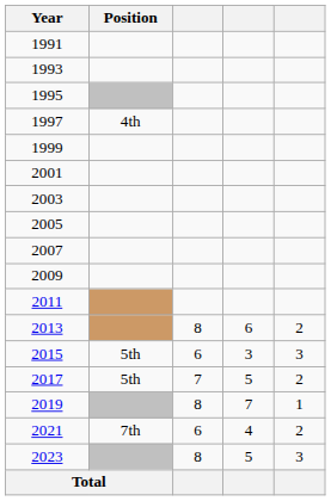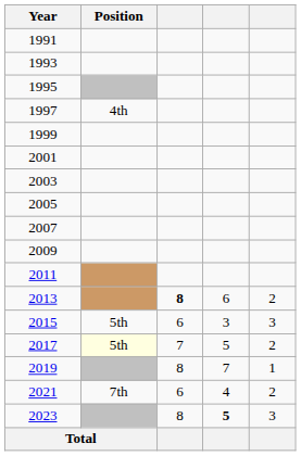 <table class="wikitable" style="text-align: center;font-size:90%;">
 <tr>
 <th width=70>Year</th>
 <th width=70>Position</th>
 <th width=40></th>
 <th width=40></th>
 <th width=40></th>
 </tr>
 <tr>
 <td>  1991</td>
 <td></td>
 <td></td>
 <td></td>
 <td></td>
 </tr>
 <tr>
 <td>  1993</td>
 <td></td>
 <td></td>
 <td></td>
 <td></td>
 </tr>
 <tr>
 <td>  1995</td>
 <td bgcolor=silver></td>
 <td></td>
 <td></td>
 <td></td>
 </tr>
 <tr>
 <td>  1997</td>
 <td>4th</td>
 <td></td>
 <td></td>
 <td></td>
 </tr>
 <tr>
 <td> 1999</td>
 <td></td>
 <td></td>
 <td></td>
 <td></td>
 </tr>
 <tr>
 <td> 2001</td>
 <td></td>
 <td></td>
 <td></td>
 <td></td>
 </tr>
 <tr>
 <td>  2003</td>
 <td></td>
 <td></td>
 <td></td>
 <td></td>
 </tr>
 <tr>
 <td>  2005</td>
 <td></td>
 <td></td>
 <td></td>
 <td></td>
 </tr>
 <tr>
 <td>  2007</td>
 <td></td>
 <td></td>
 <td></td>
 <td></td>
 </tr>
 <tr>
 <td>  2009</td>
 <td></td>
 <td></td>
 <td></td>
 <td></td>
 </tr>
 <tr>
 <td>  <a href='#'>2011</a></td>
 <td bgcolor=#cc9966></td>
 <td></td>
 <td></td>
 <td></td>
 </tr>
 <tr>
 <td>  <a href='#'>2013</a></td>
 <td bgcolor=#cc9966></td>
-<td>8</td>
+<td><strong>8</strong></td>
 <td>6</td>
 <td>2</td>
 </tr>
 <tr>
 <td>  <a href='#'>2015</a></td>
 <td>5th</td>
 <td>6</td>
 <td>3</td>
 <td>3</td>
 </tr>
 <tr>
 <td>  <a href='#'>2017</a></td>
-<td>5th</td>
+<td style="background: lightyellow;">5th</td>
 <td>7</td>
 <td>5</td>
 <td>2</td>
 </tr>
 <tr>
 <td>  <a href='#'>2019</a></td>
 <td bgcolor=silver></td>
 <td>8</td>
 <td>7</td>
 <td>1</td>
 </tr>
 <tr>
 <td>  <a href='#'>2021</a></td>
 <td>7th</td>
 <td>6</td>
 <td>4</td>
 <td>2</td>
 </tr>
 <tr>
 <td> <a href='#'>2023</a></td>
 <td bgcolor=silver></td>
 <td>8</td>
-<td>5</td>
+<td><strong>5</strong></td>
 <td>3</td>
 </tr>
 <tr>
 <th colspan=2>Total</th>
 <th></th>
 <th></th>
 <th></th>
 </tr>
 </table>
